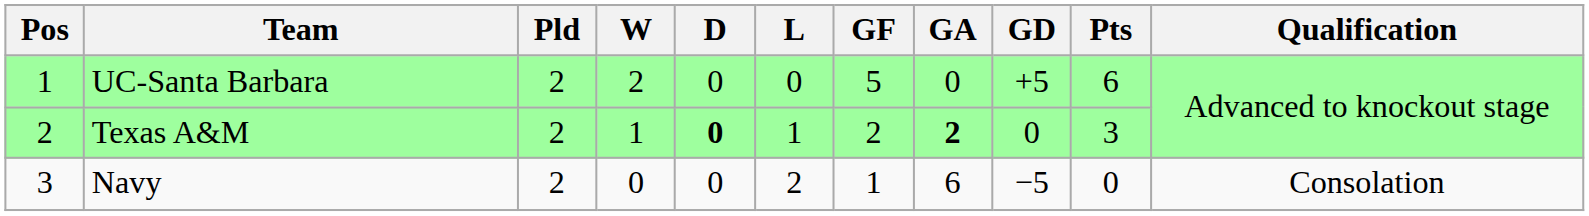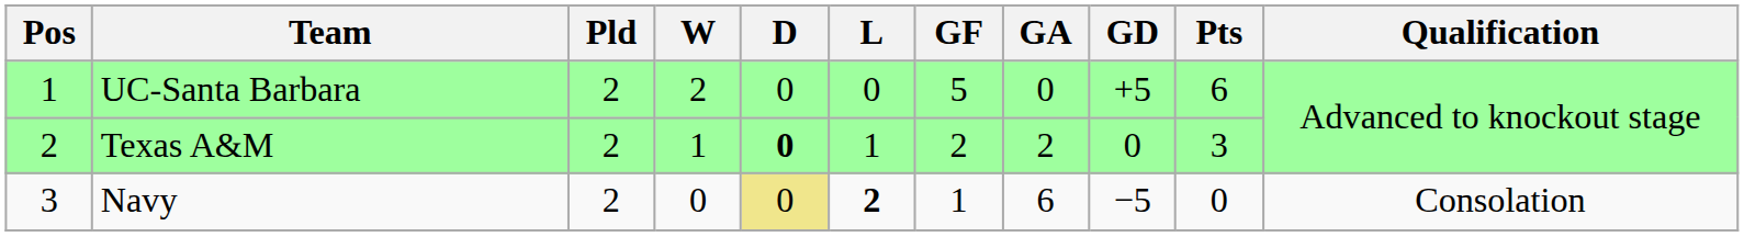 <table class="wikitable" style="text-align:center; margin: 1em auto">
 <tr>
 <th style="width:2em">Pos</th>
 <th style="width:13em">Team</th>
 <th style="width:2em">Pld</th>
 <th style="width:2em">W</th>
 <th style="width:2em">D</th>
 <th style="width:2em">L</th>
 <th style="width:2em">GF</th>
 <th style="width:2em">GA</th>
 <th style="width:2em">GD</th>
 <th style="width:2em">Pts</th>
 <th style="width:13em">Qualification</th>
 </tr>
 <tr bgcolor="#9eff9e">
 <td>1</td>
 <td style="text-align:left">UC-Santa Barbara</td>
 <td>2</td>
 <td>2</td>
 <td>0</td>
 <td>0</td>
 <td>5</td>
 <td>0</td>
 <td>+5</td>
 <td>6</td>
 <td rowspan="2">Advanced to knockout stage</td>
 </tr>
 <tr bgcolor="#9eff9e">
 <td>2</td>
 <td style="text-align:left">Texas A&M</td>
 <td>2</td>
 <td>1</td>
 <td><strong>0</strong></td>
 <td>1</td>
 <td>2</td>
-<td><strong>2</strong></td>
+<td>2</td>
 <td>0</td>
 <td>3</td>
 </tr>
 <tr>
 <td>3</td>
 <td style="text-align:left">Navy</td>
 <td>2</td>
 <td>0</td>
-<td>0</td>
-<td>2</td>
+<td style="background: khaki;">0</td>
+<td><strong>2</strong></td>
 <td>1</td>
 <td>6</td>
 <td>−5</td>
 <td>0</td>
 <td>Consolation</td>
 </tr>
 </table>
